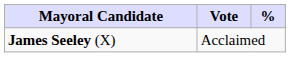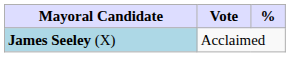 <table class="wikitable">
 <tr>
 <th style="background:#ddf; width:200px;">Mayoral Candidate</th>
 <th style="background:#ddf; width:50px;">Vote</th>
 <th style="background:#ddf; width:30px;">%</th>
 </tr>
 <tr>
-<td><strong>James Seeley</strong> (X)</td>
+<td style="background: lightblue;"><strong>James Seeley</strong> (X)</td>
 <td colspan="2">Acclaimed</td>
 </tr>
 </table>
